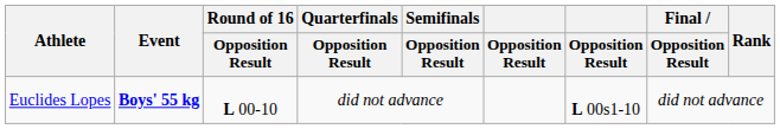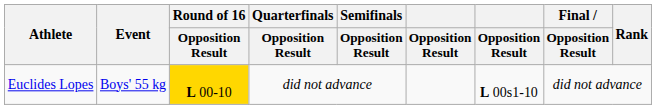 <table class="wikitable" style="font-size:90%">
 <tr>
 <th rowspan="2">Athlete</th>
 <th rowspan="2">Event</th>
 <th>Round of 16</th>
 <th>Quarterfinals</th>
 <th>Semifinals</th>
 <th></th>
 <th></th>
 <th>Final / </th>
 <th rowspan=2>Rank</th>
 </tr>
 <tr style="font-size:95%">
 <th>Opposition<br>Result</th>
 <th>Opposition<br>Result</th>
 <th>Opposition<br>Result</th>
 <th>Opposition<br>Result</th>
 <th>Opposition<br>Result</th>
 <th>Opposition<br>Result</th>
 </tr>
 <tr align=center>
 <td align=left><a href='#'>Euclides Lopes</a></td>
-<td align=left><strong><a href='#'>Boys' 55 kg</a></strong></td>
-<td><br> <strong>L</strong> 00-10</td>
+<td align=left><a href='#'>Boys' 55 kg</a></td>
+<td style="background: gold;"><br> <strong>L</strong> 00-10</td>
 <td Colspan=2><em>did not advance</em></td>
 <td></td>
 <td><br> <strong>L</strong> 00s1-10</td>
 <td Colspan=2><em>did not advance</em></td>
 </tr>
 </table>
